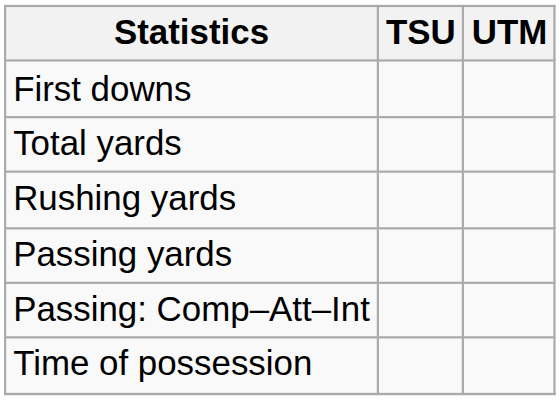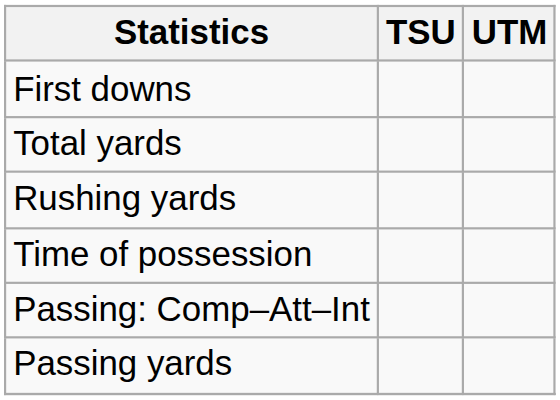 <table class="wikitable" style="float: left;">
 <tr>
 <th>Statistics</th>
 <th>TSU</th>
 <th>UTM</th>
 </tr>
 <tr>
 <td>First downs</td>
 <td></td>
 <td></td>
 </tr>
 <tr>
 <td>Total yards</td>
 <td></td>
 <td></td>
 </tr>
 <tr>
 <td>Rushing yards</td>
 <td></td>
 <td></td>
 </tr>
 <tr>
-<td>Passing yards</td>
+<td>Time of possession</td>
 <td></td>
 <td></td>
 </tr>
 <tr>
 <td>Passing: Comp–Att–Int</td>
 <td></td>
 <td></td>
 </tr>
 <tr>
-<td>Time of possession</td>
+<td>Passing yards</td>
 <td></td>
 <td></td>
 </tr>
 <tr>
 </tr>
 </table>
